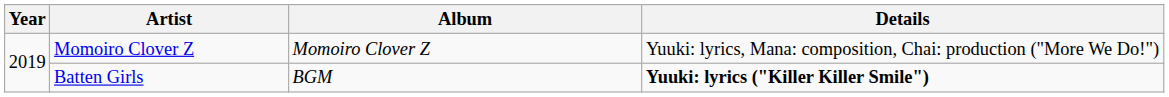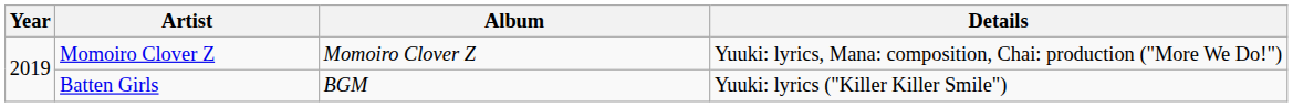 <table class="wikitable">
 <tr>
 <th>Year</th>
 <th style="width:200px;">Artist</th>
 <th style="width:300px;">Album</th>
 <th>Details</th>
 </tr>
 <tr>
 <td rowspan="2">2019</td>
 <td><a href='#'>Momoiro Clover Z</a></td>
 <td><em>Momoiro Clover Z</em></td>
 <td>Yuuki: lyrics, Mana: composition, Chai: production ("More We Do!")</td>
 </tr>
 <tr>
 <td><a href='#'>Batten Girls</a></td>
 <td><em>BGM</em></td>
-<td><strong>Yuuki: lyrics ("Killer Killer Smile")</strong></td>
+<td>Yuuki: lyrics ("Killer Killer Smile")</td>
 </tr>
 </table>
